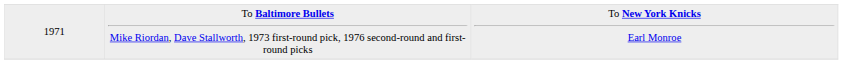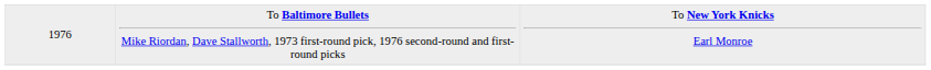 <table border=1 style="border-collapse:collapse; text-align: center; width: 100%" bordercolor="#DFDFDF"  cellpadding="5">
 <tr>
 </tr>
 <tr bgcolor="eeeeee">
-<td style="width:12%">1971<br></td>
+<td style="width:12%">1976<br></td>
 <td style="width:44%" valign="top">To <strong><a href='#'>Baltimore Bullets</a></strong><hr><a href='#'>Mike Riordan</a>, <a href='#'>Dave Stallworth</a>, 1973 first-round pick, 1976 second-round and first-round picks</td>
 <td style="width:44%" valign="top">To <strong><a href='#'>New York Knicks</a></strong><hr><a href='#'>Earl Monroe</a></td>
 </tr>
 <tr>
 </tr>
 </table>
